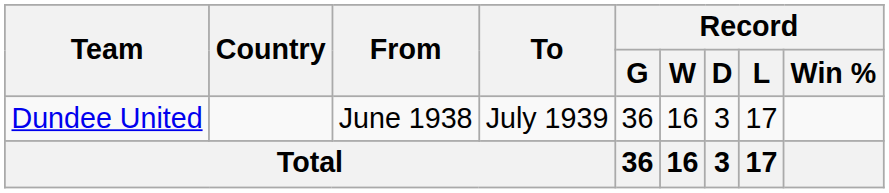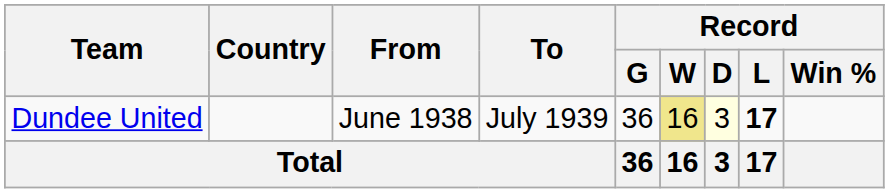 <table class="wikitable" style="text-align: center">
 <tr>
 <th rowspan="2">Team</th>
 <th rowspan="2">Country</th>
 <th rowspan="2">From</th>
 <th rowspan="2">To</th>
 <th colspan="6">Record</th>
 </tr>
 <tr>
 <th>G</th>
 <th>W</th>
 <th>D</th>
 <th>L</th>
 <th>Win %</th>
 </tr>
 <tr>
 <td align=left><a href='#'>Dundee United</a></td>
 <td></td>
 <td align=left>June 1938</td>
 <td align=left>July 1939</td>
 <td>36</td>
-<td>16</td>
-<td>3</td>
-<td>17</td>
+<td style="background: khaki;">16</td>
+<td style="background: lightyellow;">3</td>
+<td><strong>17</strong></td>
 <td></td>
 </tr>
 <tr>
 <th colspan="4">Total</th>
 <th>36</th>
 <th>16</th>
 <th>3</th>
 <th>17</th>
 <th></th>
 </tr>
 </table>
